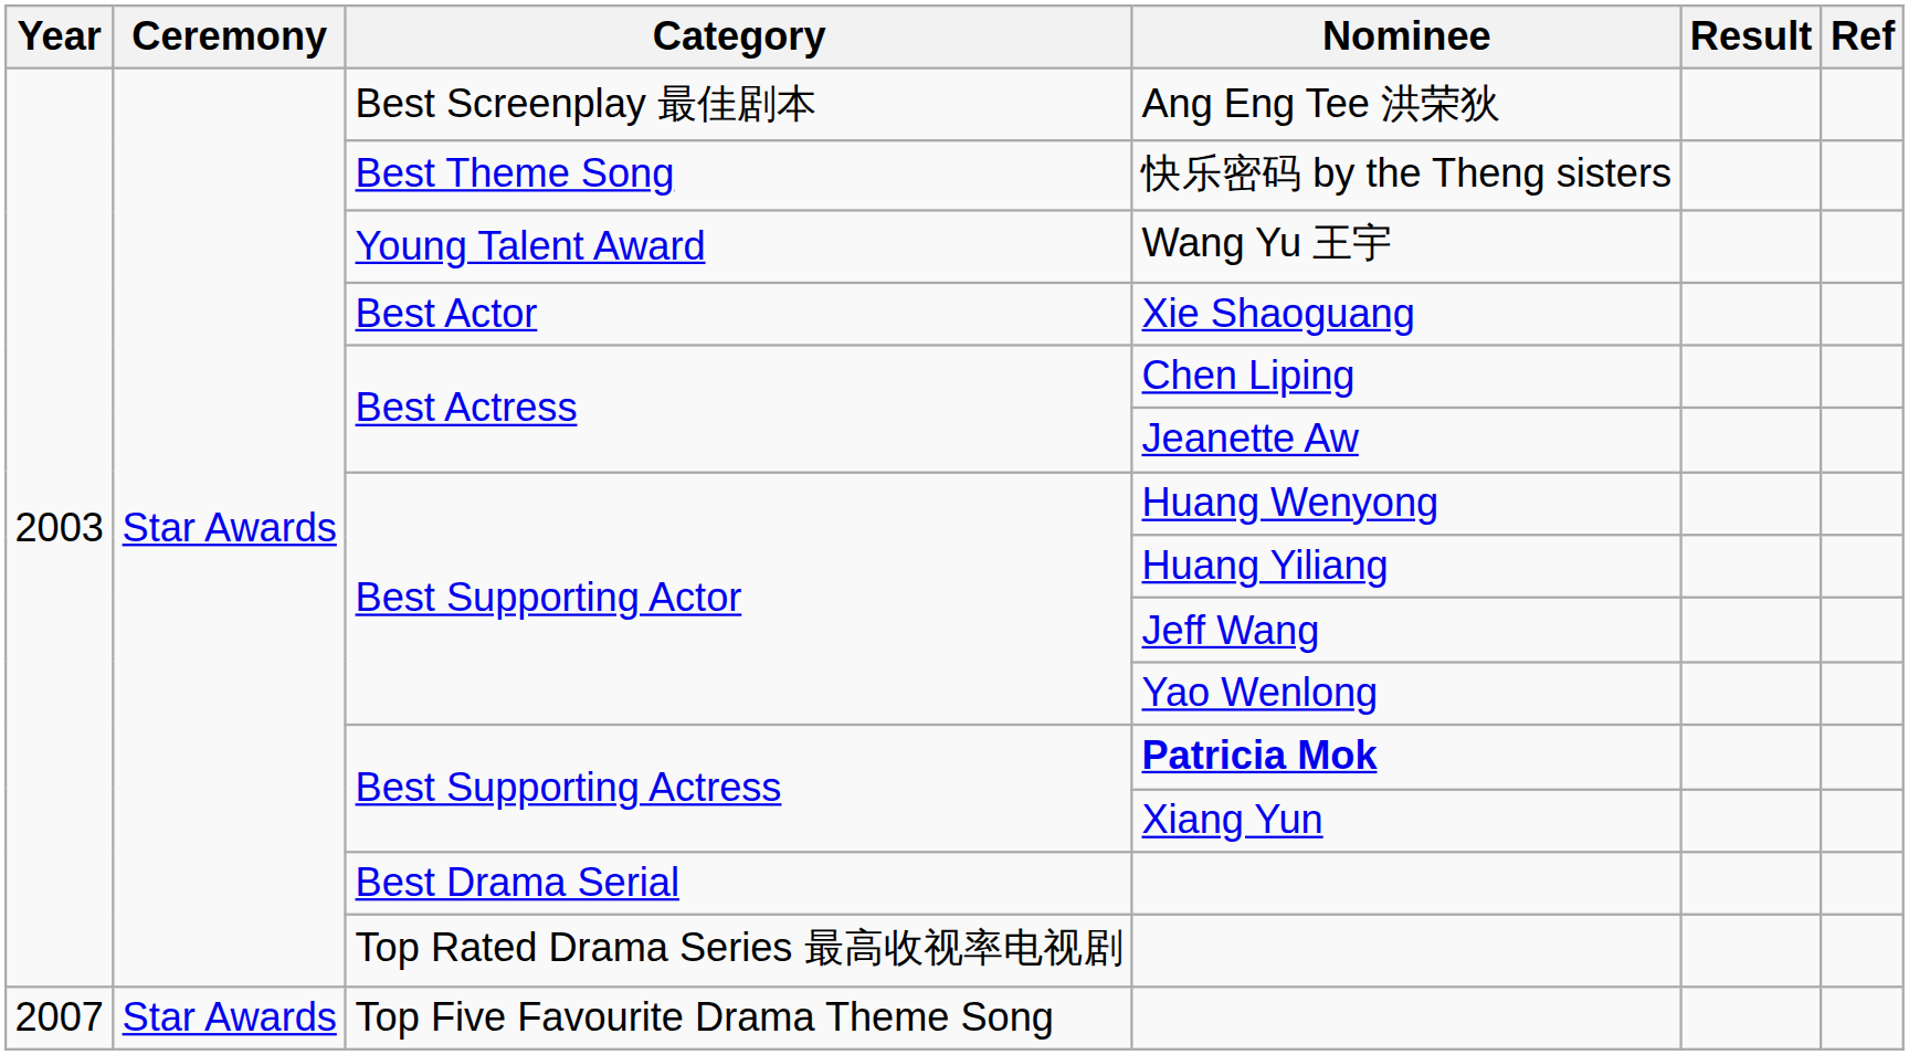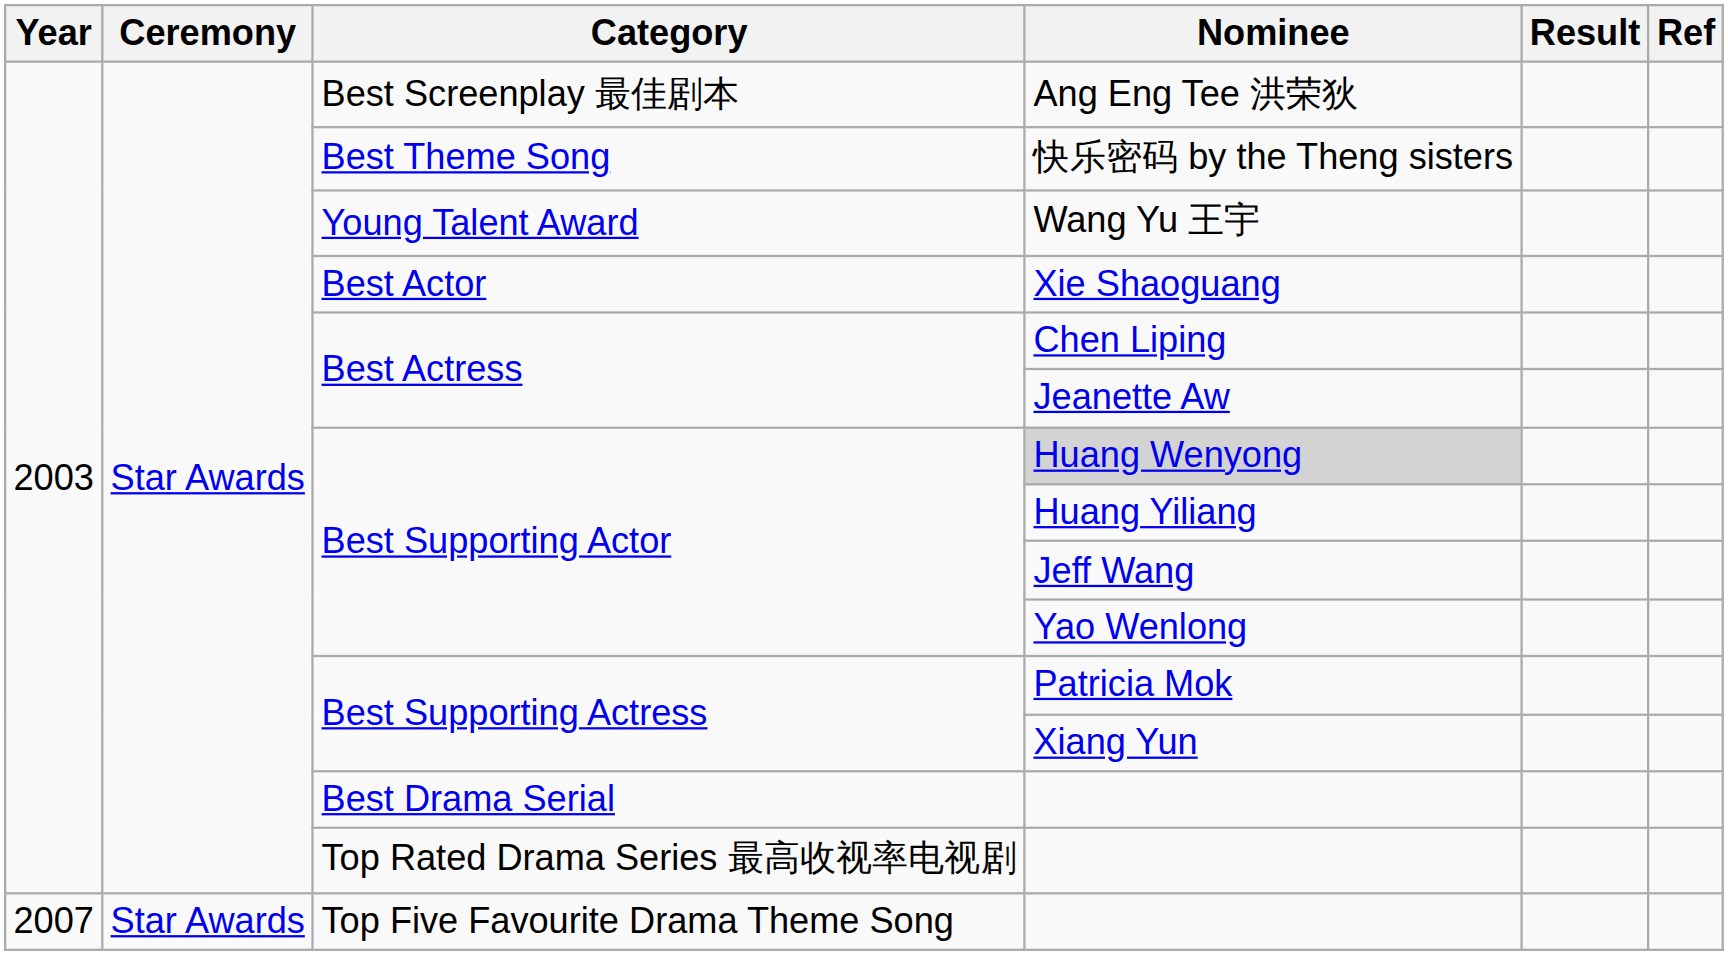 <table class="wikitable">
 <tr>
 <th>Year</th>
 <th>Ceremony</th>
 <th>Category</th>
 <th>Nominee</th>
 <th>Result</th>
 <th>Ref</th>
 </tr>
 <tr>
 <td rowspan="14">2003</td>
 <td rowspan="14"><a href='#'>Star Awards</a></td>
 <td>Best Screenplay 最佳剧本</td>
 <td>Ang Eng Tee 洪荣狄</td>
 <td></td>
 <td></td>
 </tr>
 <tr>
 <td><a href='#'>Best Theme Song</a></td>
 <td>快乐密码 by the Theng sisters</td>
 <td></td>
 <td></td>
 </tr>
 <tr>
 <td><a href='#'>Young Talent Award</a></td>
 <td>Wang Yu 王宇</td>
 <td></td>
 <td></td>
 </tr>
 <tr>
 <td><a href='#'>Best Actor</a></td>
 <td><a href='#'>Xie Shaoguang</a></td>
 <td></td>
 <td></td>
 </tr>
 <tr>
 <td rowspan="2"><a href='#'>Best Actress</a></td>
 <td><a href='#'>Chen Liping</a></td>
 <td></td>
 <td></td>
 </tr>
 <tr>
 <td><a href='#'>Jeanette Aw</a></td>
 <td></td>
 <td></td>
 </tr>
 <tr>
 <td rowspan="4"><a href='#'>Best Supporting Actor</a></td>
-<td><a href='#'>Huang Wenyong</a></td>
+<td style="background: lightgrey;"><a href='#'>Huang Wenyong</a></td>
 <td></td>
 <td></td>
 </tr>
 <tr>
 <td><a href='#'>Huang Yiliang</a></td>
 <td></td>
 <td></td>
 </tr>
 <tr>
 <td><a href='#'>Jeff Wang</a></td>
 <td></td>
 <td></td>
 </tr>
 <tr>
 <td><a href='#'>Yao Wenlong</a></td>
 <td></td>
 <td></td>
 </tr>
 <tr>
 <td rowspan="2"><a href='#'>Best Supporting Actress</a></td>
-<td><strong><a href='#'>Patricia Mok</a></strong></td>
+<td><a href='#'>Patricia Mok</a></td>
 <td></td>
 <td></td>
 </tr>
 <tr>
 <td><a href='#'>Xiang Yun</a></td>
 <td></td>
 <td></td>
 </tr>
 <tr>
 <td><a href='#'>Best Drama Serial</a></td>
 <td></td>
 <td></td>
 <td></td>
 </tr>
 <tr>
 <td>Top Rated Drama Series 最高收视率电视剧</td>
 <td></td>
 <td></td>
 <td></td>
 </tr>
 <tr>
 <td>2007</td>
 <td><a href='#'>Star Awards</a></td>
 <td>Top Five Favourite Drama Theme Song</td>
 <td></td>
 <td></td>
 <td></td>
 </tr>
 </table>
